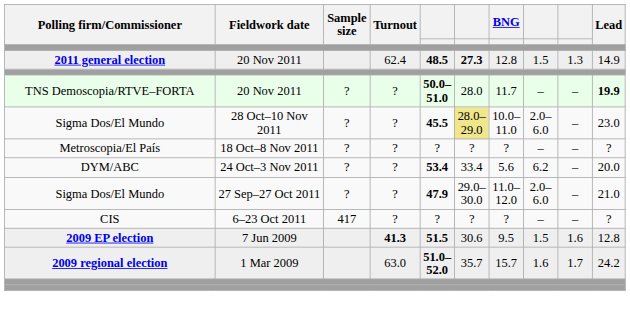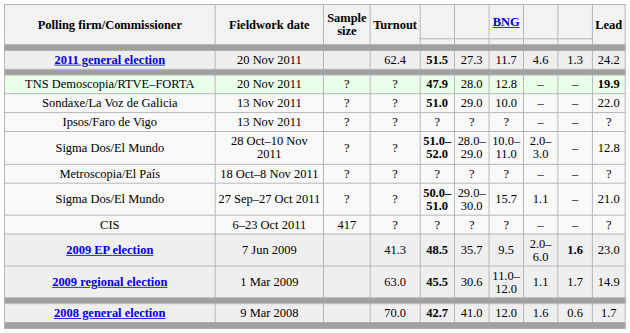 <table class="wikitable collapsible collapsed" style="text-align:center; font-size:95%; line-height:16px;">
 <tr style="height:42px;">
 <th style="width:250px;" rowspan="2">Polling firm/Commissioner</th>
 <th style="width:125px;" rowspan="2">Fieldwork date</th>
 <th style="width:50px;" rowspan="2">Sample size</th>
 <th style="width:45px;" rowspan="2">Turnout</th>
 <th style="width:35px;"></th>
 <th style="width:35px;"></th>
 <th style="width:35px;"><a href='#'>BNG</a></th>
 <th style="width:35px;"></th>
 <th style="width:35px;"></th>
 <th style="width:30px;" rowspan="2">Lead</th>
 </tr>
 <tr>
 <th style="color:inherit;background:"></th>
 <th style="color:inherit;background:"></th>
 <th style="color:inherit;background:"></th>
 <th style="color:inherit;background:"></th>
 <th style="color:inherit;background:"></th>
 </tr>
 <tr>
 <td colspan="10" style="background:#A0A0A0"></td>
 </tr>
 <tr style="background:#EFEFEF;">
 <td><strong><a href='#'>2011 general election</a></strong></td>
 <td>20 Nov 2011</td>
 <td></td>
 <td>62.4</td>
-<td><strong>48.5</strong><br></td>
-<td><strong>27.3<br></strong></td>
-<td>12.8<br></td>
-<td>1.5<br></td>
+<td><strong>51.5</strong><br></td>
+<td>27.3<br></td>
+<td>11.7<br></td>
+<td>4.6<br></td>
 <td>1.3<br></td>
-<td style="background:">14.9</td>
+<td style="background:">24.2</td>
 </tr>
 <tr>
 <td colspan="10" style="background:#A0A0A0"></td>
 </tr>
 <tr style="background:#EAFFEA;">
 <td>TNS Demoscopia/RTVE–FORTA</td>
 <td>20 Nov 2011</td>
 <td>?</td>
 <td>?</td>
-<td><strong>50.0–<br>51.0</strong><br></td>
+<td><strong>47.9</strong><br></td>
 <td>28.0<br></td>
-<td>11.7<br></td>
+<td>12.8<br></td>
 <td>–</td>
 <td>–</td>
 <td style="background:"><strong>19.9</strong></td>
+</tr>
+<tr>
+<td>Sondaxe/La Voz de Galicia</td>
+<td>13 Nov 2011</td>
+<td>?</td>
+<td>?</td>
+<td><strong>51.0</strong><br></td>
+<td>29.0<br></td>
+<td>10.0<br></td>
+<td>–</td>
+<td>–</td>
+<td style="background:">22.0</td>
+</tr>
+<tr>
+<td>Ipsos/Faro de Vigo</td>
+<td>13 Nov 2011</td>
+<td>?</td>
+<td>?</td>
+<td>?<br></td>
+<td>?<br></td>
+<td>?<br></td>
+<td>–</td>
+<td>–</td>
+<td style="background:">?</td>
 </tr>
 <tr>
 <td>Sigma Dos/El Mundo</td>
 <td>28 Oct–10 Nov 2011</td>
 <td>?</td>
 <td>?</td>
-<td><strong>45.5</strong><br></td>
-<td style="background: khaki;">28.0–<br>29.0<br></td>
+<td><strong>51.0–<br>52.0</strong><br></td>
+<td>28.0–<br>29.0<br></td>
 <td>10.0–<br>11.0<br></td>
-<td>2.0–<br>6.0<br></td>
+<td>2.0–<br>3.0<br></td>
 <td>–</td>
-<td style="background:">23.0</td>
+<td style="background:">12.8</td>
 </tr>
 <tr>
 <td>Metroscopia/El País</td>
 <td>18 Oct–8 Nov 2011</td>
 <td>?</td>
 <td>?</td>
 <td>?<br></td>
 <td>?<br></td>
 <td>?<br></td>
 <td>–</td>
 <td>–</td>
 <td style="background:">?</td>
 </tr>
 <tr>
-<td>DYM/ABC</td>
-<td>24 Oct–3 Nov 2011</td>
-<td>?</td>
-<td>?</td>
-<td><strong>53.4</strong><br></td>
-<td>33.4<br></td>
-<td>5.6<br></td>
-<td>6.2<br></td>
-<td>–</td>
-<td style="background:">20.0</td>
-</tr>
-<tr>
 <td>Sigma Dos/El Mundo</td>
 <td>27 Sep–27 Oct 2011</td>
 <td>?</td>
 <td>?</td>
-<td><strong>47.9</strong><br></td>
+<td><strong>50.0–<br>51.0</strong><br></td>
 <td>29.0–<br>30.0<br></td>
-<td>11.0–<br>12.0<br></td>
-<td>2.0–<br>6.0<br></td>
+<td>15.7<br></td>
+<td>1.1<br></td>
 <td>–</td>
 <td style="background:">21.0</td>
 </tr>
 <tr>
 <td>CIS</td>
 <td>6–23 Oct 2011</td>
 <td>417</td>
 <td>?</td>
 <td>?<br></td>
 <td>?<br></td>
 <td>?<br></td>
 <td>–</td>
 <td>–</td>
 <td style="background:">?</td>
 </tr>
 <tr style="background:#EFEFEF;">
 <td><strong><a href='#'>2009 EP election</a></strong></td>
 <td>7 Jun 2009</td>
 <td></td>
-<td><strong>41.3</strong></td>
-<td><strong>51.5</strong><br></td>
-<td>30.6<br></td>
+<td>41.3</td>
+<td><strong>48.5</strong><br></td>
+<td>35.7<br></td>
 <td>9.5<br></td>
-<td>1.5<br></td>
-<td>1.6<br></td>
-<td style="background:">12.8</td>
+<td>2.0–<br>6.0<br></td>
+<td><strong>1.6<br></strong></td>
+<td style="background:">23.0</td>
 </tr>
 <tr style="background:#EFEFEF;">
 <td><strong><a href='#'>2009 regional election</a></strong></td>
 <td>1 Mar 2009</td>
 <td></td>
 <td>63.0</td>
-<td><strong>51.0–<br>52.0</strong><br></td>
-<td>35.7<br></td>
-<td>15.7<br></td>
-<td>1.6<br></td>
+<td><strong>45.5</strong><br></td>
+<td>30.6<br></td>
+<td>11.0–<br>12.0<br></td>
+<td>1.1<br></td>
 <td>1.7<br></td>
-<td style="background:">24.2</td>
+<td style="background:">14.9</td>
 </tr>
 <tr>
 <td colspan="10" style="background:#A0A0A0"></td>
+</tr>
+<tr style="background:#EFEFEF;">
+<td><strong><a href='#'>2008 general election</a></strong></td>
+<td>9 Mar 2008</td>
+<td></td>
+<td>70.0</td>
+<td><strong>42.7</strong><br></td>
+<td>41.0<br></td>
+<td>12.0<br></td>
+<td>1.6<br></td>
+<td>0.6<br></td>
+<td style="background:">1.7</td>
 </tr>
 <tr>
 <td colspan="10" style="background:#A0A0A0"></td>
 </tr>
 </table>
